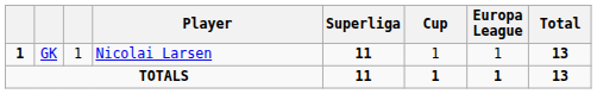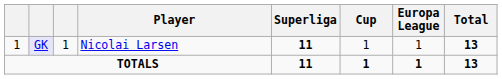 <table class="wikitable sortable" style="font-size: 95%; text-align: center;">
 <tr>
 <th width=20></th>
 <th width=20></th>
 <th width=20></th>
 <th width=200>Player</th>
 <th width=50>Superliga</th>
 <th width=50>Cup</th>
 <th width=50>Europa League</th>
 <th width=50>Total</th>
 </tr>
 <tr>
-<td><strong>1</strong></td>
-<td><a href='#'>GK</a></td>
+<td>1</td>
+<td style="background: lavender;"><a href='#'>GK</a></td>
 <td>1</td>
 <td align=left> <a href='#'>Nicolai Larsen</a></td>
 <td><strong>11</strong></td>
 <td>1</td>
 <td>1</td>
 <td><strong>13</strong></td>
 </tr>
 <tr>
 <td colspan="4"><strong>TOTALS</strong></td>
 <td><strong>11</strong></td>
 <td><strong>1</strong></td>
 <td><strong>1</strong></td>
 <td><strong>13</strong></td>
 </tr>
 </table>
